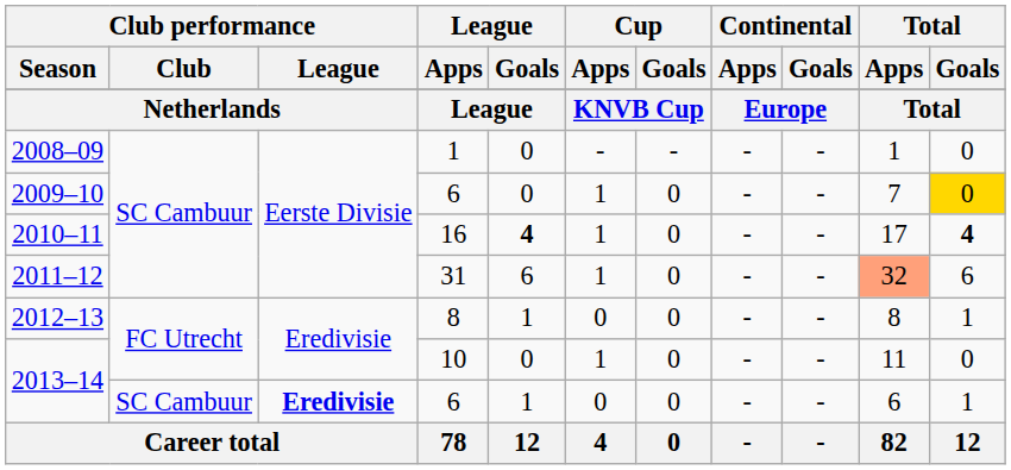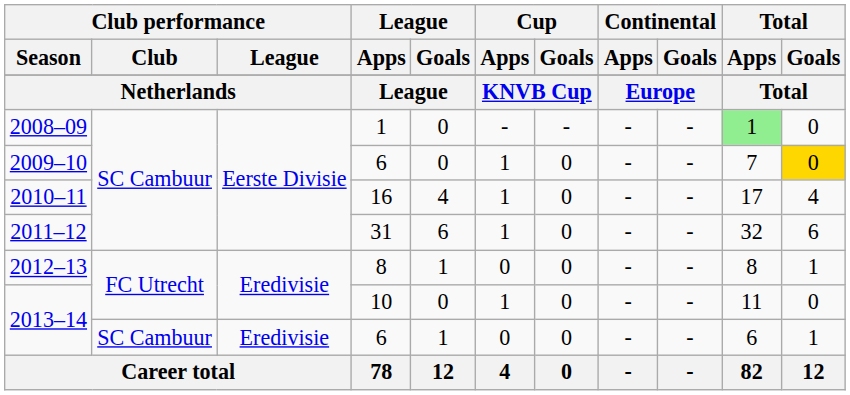 <table class="wikitable" style="text-align:center">
 <tr>
 <th colspan=3>Club performance</th>
 <th colspan=2>League</th>
 <th colspan=2>Cup</th>
 <th colspan=2>Continental</th>
 <th colspan=2>Total</th>
 </tr>
 <tr>
 <th>Season</th>
 <th>Club</th>
 <th>League</th>
 <th>Apps</th>
 <th>Goals</th>
 <th>Apps</th>
 <th>Goals</th>
 <th>Apps</th>
 <th>Goals</th>
 <th>Apps</th>
 <th>Goals</th>
 </tr>
 <tr>
 </tr>
 <tr>
 <th colspan=3>Netherlands</th>
 <th colspan=2>League</th>
 <th colspan=2><a href='#'>KNVB Cup</a></th>
 <th colspan=2><a href='#'>Europe</a></th>
 <th colspan=2>Total</th>
 </tr>
 <tr>
 <td><a href='#'>2008–09</a></td>
 <td rowspan="4"><a href='#'>SC Cambuur</a></td>
 <td rowspan="4"><a href='#'>Eerste Divisie</a></td>
 <td>1</td>
 <td>0</td>
 <td>-</td>
 <td>-</td>
 <td>-</td>
 <td>-</td>
-<td>1</td>
+<td style="background: lightgreen;">1</td>
 <td>0</td>
 </tr>
 <tr>
 <td><a href='#'>2009–10</a></td>
 <td>6</td>
 <td>0</td>
 <td>1</td>
 <td>0</td>
 <td>-</td>
 <td>-</td>
 <td>7</td>
 <td style="background: gold;">0</td>
 </tr>
 <tr>
 <td><a href='#'>2010–11</a></td>
 <td>16</td>
-<td><strong>4</strong></td>
+<td>4</td>
 <td>1</td>
 <td>0</td>
 <td>-</td>
 <td>-</td>
 <td>17</td>
-<td><strong>4</strong></td>
+<td>4</td>
 </tr>
 <tr>
 <td><a href='#'>2011–12</a></td>
 <td>31</td>
 <td>6</td>
 <td>1</td>
 <td>0</td>
 <td>-</td>
 <td>-</td>
-<td style="background: lightsalmon;">32</td>
+<td>32</td>
 <td>6</td>
 </tr>
 <tr>
 <td><a href='#'>2012–13</a></td>
 <td rowspan="2"><a href='#'>FC Utrecht</a></td>
 <td rowspan="2"><a href='#'>Eredivisie</a></td>
 <td>8</td>
 <td>1</td>
 <td>0</td>
 <td>0</td>
 <td>-</td>
 <td>-</td>
 <td>8</td>
 <td>1</td>
 </tr>
 <tr>
 <td rowspan="2"><a href='#'>2013–14</a></td>
 <td>10</td>
 <td>0</td>
 <td>1</td>
 <td>0</td>
 <td>-</td>
 <td>-</td>
 <td>11</td>
 <td>0</td>
 </tr>
 <tr>
 <td rowspan="1"><a href='#'>SC Cambuur</a></td>
-<td rowspan="1"><strong><a href='#'>Eredivisie</a></strong></td>
+<td rowspan="1"><a href='#'>Eredivisie</a></td>
 <td>6</td>
 <td>1</td>
 <td>0</td>
 <td>0</td>
 <td>-</td>
 <td>-</td>
 <td>6</td>
 <td>1</td>
 </tr>
 <tr>
 <th colspan=3>Career total</th>
 <th>78</th>
 <th>12</th>
 <th>4</th>
 <th>0</th>
 <th>-</th>
 <th>-</th>
 <th>82</th>
 <th>12</th>
 </tr>
 </table>
